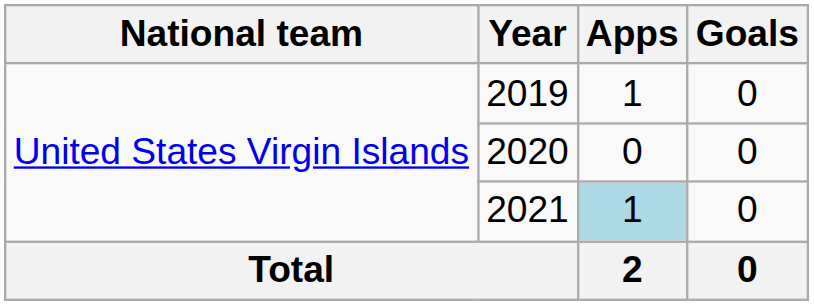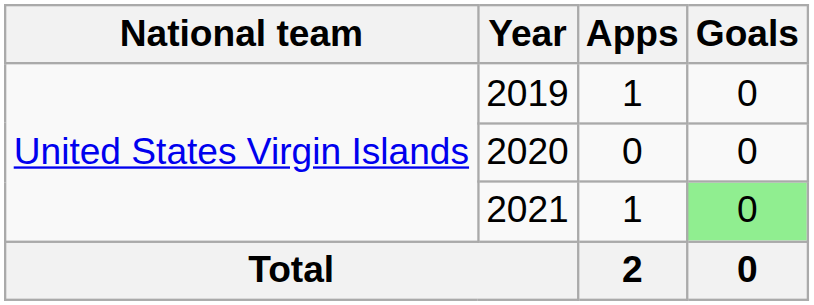 <table class="wikitable" style="text-align:center">
 <tr>
 <th>National team</th>
 <th>Year</th>
 <th>Apps</th>
 <th>Goals</th>
 </tr>
 <tr>
 <td rowspan="3"><a href='#'>United States Virgin Islands</a></td>
 <td>2019</td>
 <td>1</td>
 <td>0</td>
 </tr>
 <tr>
 <td>2020</td>
 <td>0</td>
 <td>0</td>
 </tr>
 <tr>
 <td>2021</td>
-<td style="background: lightblue;">1</td>
-<td>0</td>
+<td>1</td>
+<td style="background: lightgreen;">0</td>
 </tr>
 <tr>
 <th colspan=2>Total</th>
 <th>2</th>
 <th>0</th>
 </tr>
 </table>
